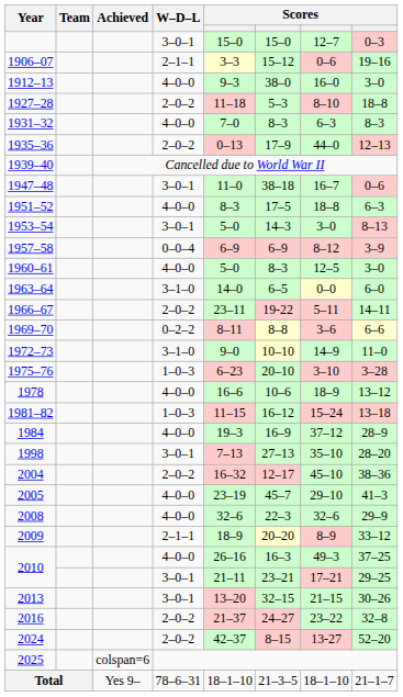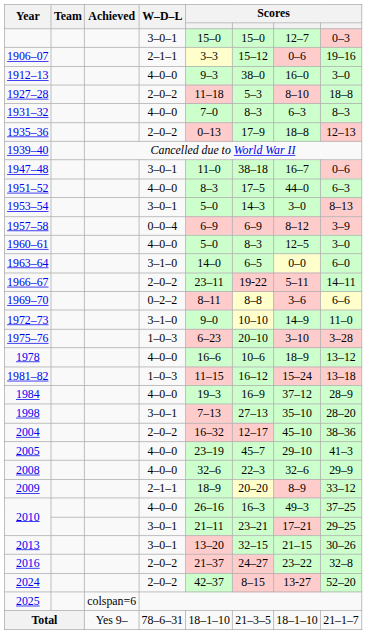 <table class="wikitable sortable">
 <tr>
 <th rowspan=2>Year</th>
 <th rowspan=2>Team</th>
 <th rowspan=2>Achieved</th>
 <th rowspan=2>W–D–L</th>
 <th colspan=4>Scores</th>
 </tr>
 <tr>
 <th></th>
 <th></th>
 <th></th>
 <th></th>
 </tr>
 <tr>
 <td align=center></td>
 <td></td>
 <td></td>
 <td align=center>3–0–1</td>
 <td align=center bgcolor=#ccffcc>15–0</td>
 <td align=center bgcolor=#ccffcc>15–0</td>
 <td align=center bgcolor=#ccffcc>12–7</td>
 <td align=center bgcolor=#ffcccc>0–3</td>
 </tr>
 <tr>
 <td align=center><a href='#'>1906–07</a></td>
 <td></td>
 <td></td>
 <td align=center>2–1–1</td>
 <td align=center bgcolor=#ffffcc>3–3</td>
 <td align=center bgcolor=#ccffcc>15–12</td>
 <td align=center bgcolor=#ffcccc>0–6</td>
 <td align=center bgcolor=#ccffcc>19–16</td>
 </tr>
 <tr>
 <td align=center><a href='#'>1912–13</a></td>
 <td></td>
 <td></td>
 <td align=center>4–0–0</td>
 <td align=center bgcolor=#ccffcc>9–3</td>
 <td align=center bgcolor=#ccffcc>38–0</td>
 <td align=center bgcolor=#ccffcc>16–0</td>
 <td align=center bgcolor=#ccffcc>3–0</td>
 </tr>
 <tr>
 <td align=center><a href='#'>1927–28</a></td>
 <td></td>
 <td></td>
 <td align=center>2–0–2</td>
 <td align=center bgcolor=#ffcccc>11–18</td>
 <td align=center bgcolor=#ccffcc>5–3</td>
 <td align=center bgcolor=#ffcccc>8–10</td>
 <td align=center bgcolor=#ccffcc>18–8</td>
 </tr>
 <tr>
 <td align=center><a href='#'>1931–32</a></td>
 <td></td>
 <td></td>
 <td align=center>4–0–0</td>
 <td align=center bgcolor=#ccffcc>7–0</td>
 <td align=center bgcolor=#ccffcc>8–3</td>
 <td align=center bgcolor=#ccffcc>6–3</td>
 <td align=center bgcolor=#ccffcc>8–3</td>
 </tr>
 <tr>
 <td align=center><a href='#'>1935–36</a></td>
 <td></td>
 <td></td>
 <td align=center>2–0–2</td>
 <td align=center bgcolor=#ffcccc>0–13</td>
 <td align=center bgcolor=#ccffcc>17–9</td>
-<td align=center bgcolor=#ccffcc>44–0</td>
+<td align=center bgcolor=#ccffcc>18–8</td>
 <td align=center bgcolor=#ffcccc>12–13</td>
 </tr>
 <tr>
 <td align=center><a href='#'>1939–40</a></td>
 <td></td>
 <td align=center colspan=6><em>Cancelled due to <a href='#'>World War II</a></em></td>
 </tr>
 <tr>
 <td align=center><a href='#'>1947–48</a></td>
 <td></td>
 <td></td>
 <td align=center>3–0–1</td>
 <td align=center bgcolor=#ccffcc>11–0</td>
 <td align=center bgcolor=#ccffcc>38–18</td>
 <td align=center bgcolor=#ccffcc>16–7</td>
 <td align=center bgcolor=#ffcccc>0–6</td>
 </tr>
 <tr>
 <td align=center><a href='#'>1951–52</a></td>
 <td></td>
 <td></td>
 <td align=center>4–0–0</td>
 <td align=center bgcolor=#ccffcc>8–3</td>
 <td align=center bgcolor=#ccffcc>17–5</td>
-<td align=center bgcolor=#ccffcc>18–8</td>
+<td align=center bgcolor=#ccffcc>44–0</td>
 <td align=center bgcolor=#ccffcc>6–3</td>
 </tr>
 <tr>
 <td align=center><a href='#'>1953–54</a></td>
 <td></td>
 <td></td>
 <td align=center>3–0–1</td>
 <td align=center bgcolor=#ccffcc>5–0</td>
 <td align=center bgcolor=#ccffcc>14–3</td>
 <td align=center bgcolor=#ccffcc>3–0</td>
 <td align=center bgcolor=#ffcccc>8–13</td>
 </tr>
 <tr>
 <td align=center><a href='#'>1957–58</a></td>
 <td></td>
 <td></td>
 <td align=center>0–0–4</td>
 <td align=center bgcolor=#ffcccc>6–9</td>
 <td align=center bgcolor=#ffcccc>6–9</td>
 <td align=center bgcolor=#ffcccc>8–12</td>
 <td align=center bgcolor=#ffcccc>3–9</td>
 </tr>
 <tr>
 <td align=center><a href='#'>1960–61</a></td>
 <td></td>
 <td></td>
 <td align=center>4–0–0</td>
 <td align=center bgcolor=#ccffcc>5–0</td>
 <td align=center bgcolor=#ccffcc>8–3</td>
 <td align=center bgcolor=#ccffcc>12–5</td>
 <td align=center bgcolor=#ccffcc>3–0</td>
 </tr>
 <tr>
 <td align=center><a href='#'>1963–64</a></td>
 <td></td>
 <td></td>
 <td align=center>3–1–0</td>
 <td align=center bgcolor=#ccffcc>14–0</td>
 <td align=center bgcolor=#ccffcc>6–5</td>
 <td align=center bgcolor=#ffffcc>0–0</td>
 <td align=center bgcolor=#ccffcc>6–0</td>
 </tr>
 <tr>
 <td align=center><a href='#'>1966–67</a></td>
 <td></td>
 <td></td>
 <td align=center>2–0–2</td>
 <td align=center bgcolor=#ccffcc>23–11</td>
 <td align=center bgcolor=#ffcccc>19-22</td>
 <td align=center bgcolor=#ffcccc>5–11</td>
 <td align=center bgcolor=#ccffcc>14–11</td>
 </tr>
 <tr>
 <td align=center><a href='#'>1969–70</a></td>
 <td></td>
 <td></td>
 <td align=center>0–2–2</td>
 <td align=center bgcolor=#ffcccc>8–11</td>
 <td align=center bgcolor=#ffffcc>8–8</td>
 <td align=center bgcolor=#ffcccc>3–6</td>
 <td align=center bgcolor=#ffffcc>6–6</td>
 </tr>
 <tr>
 <td align=center><a href='#'>1972–73</a></td>
 <td></td>
 <td></td>
 <td align=center>3–1–0</td>
 <td align=center bgcolor=#ccffcc>9–0</td>
 <td align=center bgcolor=#ffffcc>10–10</td>
 <td align=center bgcolor=#ccffcc>14–9</td>
 <td align=center bgcolor=#ccffcc>11–0</td>
 </tr>
 <tr>
 <td align=center><a href='#'>1975–76</a></td>
 <td></td>
 <td></td>
 <td align=center>1–0–3</td>
 <td align=center bgcolor=#ffcccc>6–23</td>
 <td align=center bgcolor=#ccffcc>20–10</td>
 <td align=center bgcolor=#ffcccc>3–10</td>
 <td align=center bgcolor=#ffcccc>3–28</td>
 </tr>
 <tr>
 <td align=center><a href='#'>1978</a></td>
 <td></td>
 <td></td>
 <td align=center>4–0–0</td>
 <td align=center bgcolor=#ccffcc>16–6</td>
 <td align=center bgcolor=#ccffcc>10–6</td>
 <td align=center bgcolor=#ccffcc>18–9</td>
 <td align=center bgcolor=#ccffcc>13–12</td>
 </tr>
 <tr>
 <td align=center><a href='#'>1981–82</a></td>
 <td></td>
 <td></td>
 <td align=center>1–0–3</td>
 <td align=center bgcolor=#ffcccc>11–15</td>
 <td align=center bgcolor=#ccffcc>16–12</td>
 <td align=center bgcolor=#ffcccc>15–24</td>
 <td align=center bgcolor=#ffcccc>13–18</td>
 </tr>
 <tr>
 <td align=center><a href='#'>1984</a></td>
 <td></td>
 <td></td>
 <td align=center>4–0–0</td>
 <td align=center bgcolor=#ccffcc>19–3</td>
 <td align=center bgcolor=#ccffcc>16–9</td>
 <td align=center bgcolor=#ccffcc>37–12</td>
 <td align=center bgcolor=#ccffcc>28–9</td>
 </tr>
 <tr>
 <td align=center><a href='#'>1998</a></td>
 <td></td>
 <td></td>
 <td align=center>3–0–1</td>
 <td align=center bgcolor=#ffcccc>7–13</td>
 <td align=center bgcolor=#ccffcc>27–13</td>
 <td align=center bgcolor=#ccffcc>35–10</td>
 <td align=center bgcolor=#ccffcc>28–20</td>
 </tr>
 <tr>
 <td align=center><a href='#'>2004</a></td>
 <td></td>
 <td></td>
 <td align=center>2–0–2</td>
 <td align=center bgcolor=#ffcccc>16–32</td>
 <td align=center bgcolor=#ffcccc>12–17</td>
 <td align=center bgcolor=#ccffcc>45–10</td>
 <td align=center bgcolor=#ccffcc>38–36</td>
 </tr>
 <tr>
 <td align=center><a href='#'>2005</a></td>
 <td></td>
 <td></td>
 <td align=center>4–0–0</td>
 <td align=center bgcolor=#ccffcc>23–19</td>
 <td align=center bgcolor=#ccffcc>45–7</td>
 <td align=center bgcolor=#ccffcc>29–10</td>
 <td align=center bgcolor=#ccffcc>41–3</td>
 </tr>
 <tr>
 <td align=center><a href='#'>2008</a></td>
 <td></td>
 <td></td>
 <td align=center>4–0–0</td>
 <td align=center bgcolor=#ccffcc>32–6</td>
 <td align=center bgcolor=#ccffcc>22–3</td>
 <td align=center bgcolor=#ccffcc>32–6</td>
 <td align=center bgcolor=#ccffcc>29–9</td>
 </tr>
 <tr>
 <td align=center><a href='#'>2009</a></td>
 <td></td>
 <td></td>
 <td align=center>2–1–1</td>
 <td align=center bgcolor=#ccffcc>18–9</td>
 <td align=center bgcolor=#ffffcc>20–20</td>
 <td align=center bgcolor=#ffcccc>8–9</td>
 <td align=center bgcolor=#ccffcc>33–12</td>
 </tr>
 <tr>
 <td align=center rowspan=2><a href='#'>2010</a></td>
 <td></td>
 <td></td>
 <td align=center>4–0–0</td>
 <td align=center bgcolor=#ccffcc>26–16</td>
 <td align=center bgcolor=#ccffcc>16–3</td>
 <td align=center bgcolor=#ccffcc>49–3</td>
 <td align=center bgcolor=#ccffcc>37–25</td>
 </tr>
 <tr>
 <td></td>
 <td></td>
 <td align=center>3–0–1</td>
 <td align=center bgcolor=#ccffcc>21–11</td>
 <td align=center bgcolor=#ccffcc>23–21</td>
 <td align=center bgcolor=#ffcccc>17–21</td>
 <td align=center bgcolor=#ccffcc>29–25</td>
 </tr>
 <tr>
 <td align=center><a href='#'>2013</a></td>
 <td></td>
 <td></td>
 <td align=center>3–0–1</td>
 <td align=center bgcolor=#ffcccc>13–20</td>
 <td align=center bgcolor=#ccffcc>32–15</td>
 <td align=center bgcolor=#ccffcc>21–15</td>
 <td align=center bgcolor=#ccffcc>30–26</td>
 </tr>
 <tr>
 <td align=center><a href='#'>2016</a></td>
 <td></td>
 <td></td>
 <td align=center>2–0–2</td>
 <td align=center bgcolor=#ffcccc>21–37</td>
 <td align=center bgcolor=#ffcccc>24–27</td>
 <td align=center bgcolor=#ccffcc>23–22</td>
 <td align=center bgcolor=#ccffcc>32–8</td>
 </tr>
 <tr>
 <td align=center><a href='#'>2024</a></td>
 <td></td>
 <td></td>
 <td align=center>2–0–2</td>
 <td align=center bgcolor=#ccffcc>42–37</td>
 <td align=center bgcolor=#ffcccc>8–15</td>
 <td align=center bgcolor=#ffcccc>13-27</td>
 <td align=center bgcolor=#ccffcc>52–20</td>
 </tr>
 <tr>
 <td align=center><a href='#'>2025</a></td>
 <td></td>
 <td>colspan=6 </td>
 </tr>
 <tr class="sortbottom">
 <th colspan=2>Total</th>
 <td align=center>Yes 9–</td>
 <td align=center>78–6–31</td>
 <td align=center>18–1–10</td>
 <td align=center>21–3–5</td>
 <td align=center>18–1–10</td>
 <td align=center>21–1–7</td>
 </tr>
 </table>
